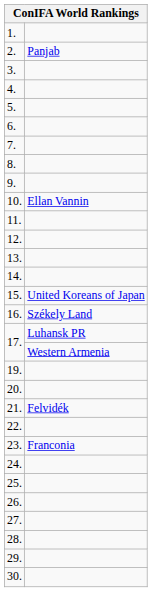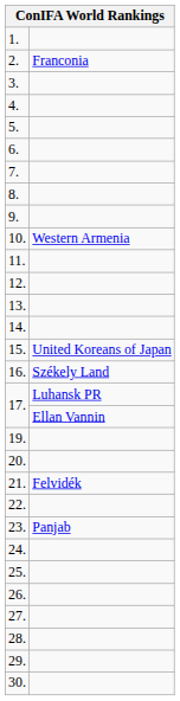 <table class="wikitable">
 <tr>
 <th colspan=2>ConIFA World Rankings</th>
 </tr>
 <tr>
 <td>1.</td>
 <td></td>
 </tr>
 <tr>
 <td>2.</td>
-<td> <a href='#'>Panjab</a></td>
+<td> <a href='#'>Franconia</a></td>
 </tr>
 <tr>
 <td>3.</td>
 <td></td>
 </tr>
 <tr>
 <td>4.</td>
 <td></td>
 </tr>
 <tr>
 <td>5.</td>
 <td></td>
 </tr>
 <tr>
 <td>6.</td>
 <td></td>
 </tr>
 <tr>
 <td>7.</td>
 <td></td>
 </tr>
 <tr>
 <td>8.</td>
 <td></td>
 </tr>
 <tr>
 <td>9.</td>
 <td></td>
 </tr>
 <tr>
 <td>10.</td>
-<td> <a href='#'>Ellan Vannin</a></td>
+<td> <a href='#'>Western Armenia</a></td>
 </tr>
 <tr>
 <td>11.</td>
 <td></td>
 </tr>
 <tr>
 <td>12.</td>
 <td></td>
 </tr>
 <tr>
 <td>13.</td>
 <td></td>
 </tr>
 <tr>
 <td>14.</td>
 <td></td>
 </tr>
 <tr>
 <td>15.</td>
 <td> <a href='#'>United Koreans of Japan</a></td>
 </tr>
 <tr>
 <td>16.</td>
 <td> <a href='#'>Székely Land</a></td>
 </tr>
 <tr>
 <td rowspan=2>17.</td>
 <td> <a href='#'>Luhansk PR</a></td>
 </tr>
 <tr>
-<td> <a href='#'>Western Armenia</a></td>
+<td> <a href='#'>Ellan Vannin</a></td>
 </tr>
 <tr>
 <td>19.</td>
 <td></td>
 </tr>
 <tr>
 <td>20.</td>
 <td></td>
 </tr>
 <tr>
 <td>21.</td>
 <td> <a href='#'>Felvidék</a></td>
 </tr>
 <tr>
 <td>22.</td>
 <td></td>
 </tr>
 <tr>
 <td>23.</td>
-<td> <a href='#'>Franconia</a></td>
+<td> <a href='#'>Panjab</a></td>
 </tr>
 <tr>
 <td>24.</td>
 <td></td>
 </tr>
 <tr>
 <td>25.</td>
 <td></td>
 </tr>
 <tr>
 <td>26.</td>
 <td></td>
 </tr>
 <tr>
 <td>27.</td>
 <td></td>
 </tr>
 <tr>
 <td>28.</td>
 <td></td>
 </tr>
 <tr>
 <td>29.</td>
 <td></td>
 </tr>
 <tr>
 <td>30.</td>
 <td></td>
 </tr>
 </table>
